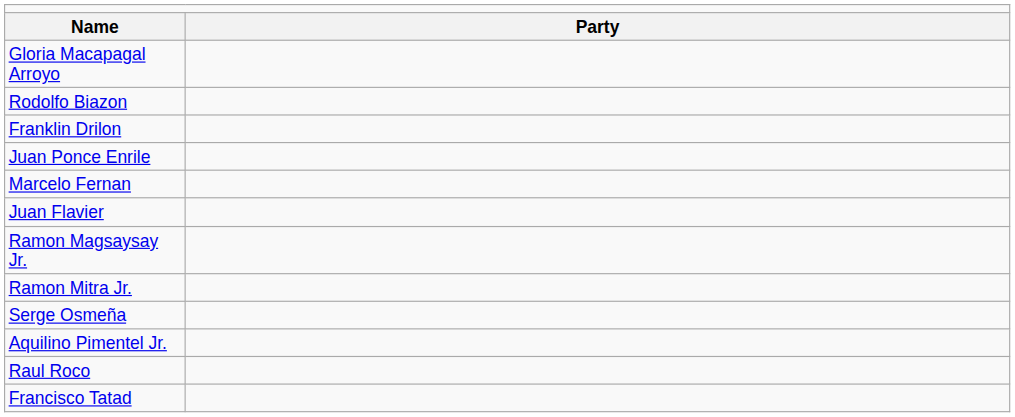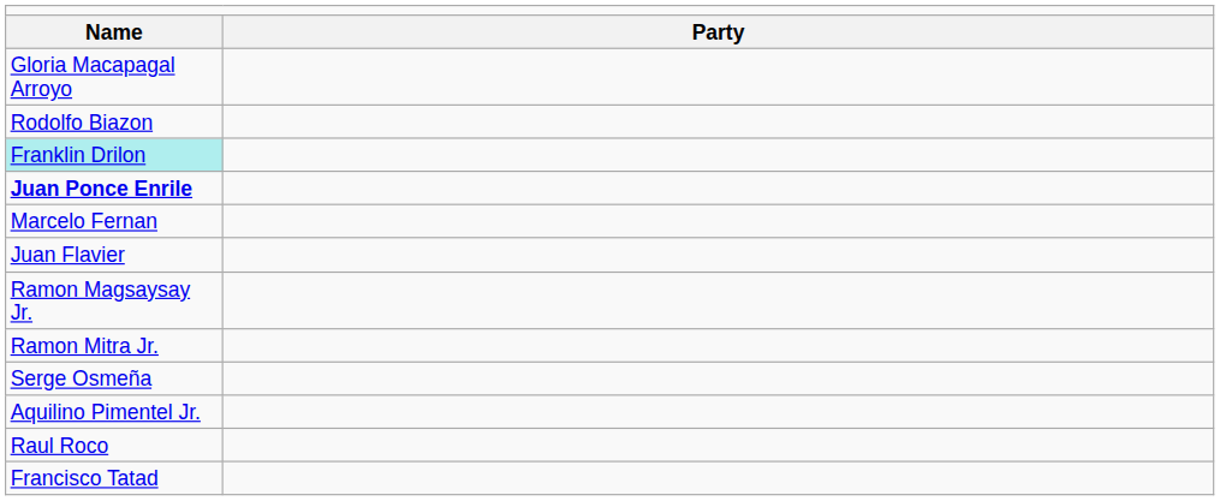 <table class=wikitable style="font-size:95%" width=99%>
 <tr>
 <td colspan=4 bgcolor=></td>
 </tr>
 <tr>
 <th width=150px>Name</th>
 <th colspan=2 width=110px>Party</th>
 </tr>
 <tr>
 <td><a href='#'>Gloria Macapagal Arroyo</a></td>
 <td></td>
 </tr>
 <tr>
 <td><a href='#'>Rodolfo Biazon</a></td>
 <td></td>
 </tr>
 <tr>
-<td><a href='#'>Franklin Drilon</a></td>
+<td style="background: paleturquoise;"><a href='#'>Franklin Drilon</a></td>
 <td></td>
 </tr>
 <tr>
-<td><a href='#'>Juan Ponce Enrile</a></td>
+<td><strong><a href='#'>Juan Ponce Enrile</a></strong></td>
 <td></td>
 </tr>
 <tr>
 <td><a href='#'>Marcelo Fernan</a></td>
 <td></td>
 </tr>
 <tr>
 <td><a href='#'>Juan Flavier</a></td>
 <td></td>
 </tr>
 <tr>
 <td><a href='#'>Ramon Magsaysay Jr.</a></td>
 <td></td>
 </tr>
 <tr>
 <td><a href='#'>Ramon Mitra Jr.</a></td>
 <td></td>
 </tr>
 <tr>
 <td><a href='#'>Serge Osmeña</a></td>
 <td></td>
 </tr>
 <tr>
 <td><a href='#'>Aquilino Pimentel Jr.</a></td>
 <td></td>
 </tr>
 <tr>
 <td><a href='#'>Raul Roco</a></td>
 <td></td>
 </tr>
 <tr>
 <td><a href='#'>Francisco Tatad</a></td>
 <td></td>
 </tr>
 </table>
